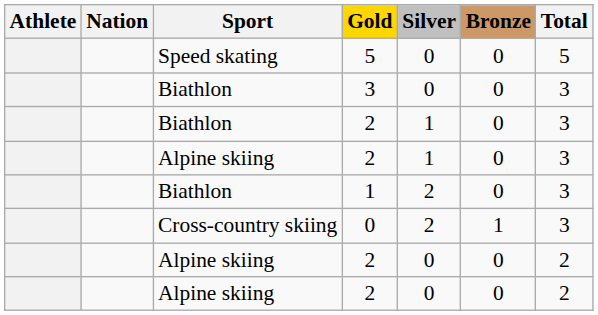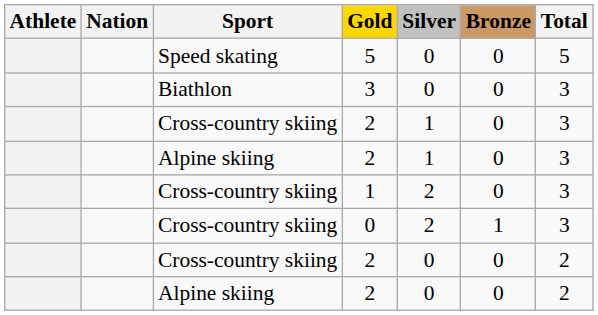 <table class="wikitable sortable plainrowheaders" style="text-align:center">
 <tr>
 <th scope=col>Athlete</th>
 <th scope=col>Nation</th>
 <th scope=col>Sport</th>
 <th scope=col style="background-color: gold"><strong>Gold</strong></th>
 <th scope=col style="background-color: silver"><strong>Silver</strong></th>
 <th scope=col style="background-color: #cc9966"><strong>Bronze</strong></th>
 <th scope=col>Total</th>
 </tr>
 <tr>
 <th scope=row align=left></th>
 <td align=left></td>
 <td align=left>Speed skating</td>
 <td>5</td>
 <td>0</td>
 <td>0</td>
 <td>5</td>
 </tr>
 <tr>
 <th scope=row align=left></th>
 <td align=left></td>
 <td align=left>Biathlon</td>
 <td>3</td>
 <td>0</td>
 <td>0</td>
 <td>3</td>
 </tr>
 <tr>
 <th scope=row align=left></th>
 <td align=left></td>
-<td align=left>Biathlon</td>
+<td align=left>Cross-country skiing</td>
 <td>2</td>
 <td>1</td>
 <td>0</td>
 <td>3</td>
 </tr>
 <tr>
 <th scope=row align=left></th>
 <td align=left></td>
 <td align=left>Alpine skiing</td>
 <td>2</td>
 <td>1</td>
 <td>0</td>
 <td>3</td>
 </tr>
 <tr>
 <th scope=row align=left></th>
 <td align=left></td>
-<td align=left>Biathlon</td>
+<td align=left>Cross-country skiing</td>
 <td>1</td>
 <td>2</td>
 <td>0</td>
 <td>3</td>
 </tr>
 <tr>
 <th scope=row align=left></th>
 <td align=left></td>
 <td align=left>Cross-country skiing</td>
 <td>0</td>
 <td>2</td>
 <td>1</td>
 <td>3</td>
 </tr>
 <tr>
 <th scope=row align=left></th>
 <td align=left></td>
-<td align=left>Alpine skiing</td>
+<td align=left>Cross-country skiing</td>
 <td>2</td>
 <td>0</td>
 <td>0</td>
 <td>2</td>
 </tr>
 <tr>
 <th scope=row align=left></th>
 <td align=left></td>
 <td align=left>Alpine skiing</td>
 <td>2</td>
 <td>0</td>
 <td>0</td>
 <td>2</td>
 </tr>
 </table>
